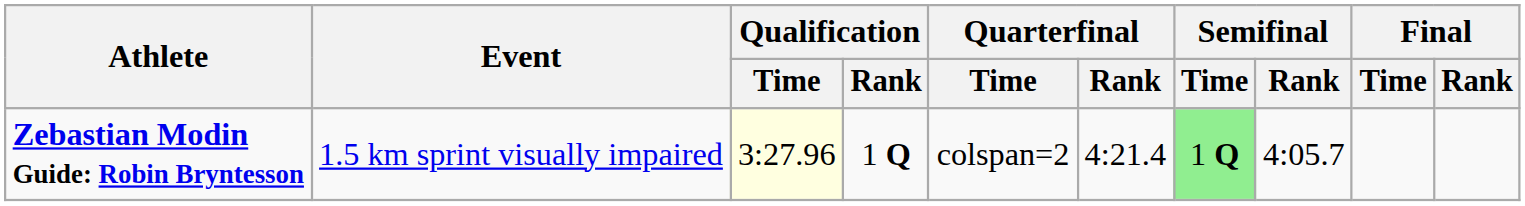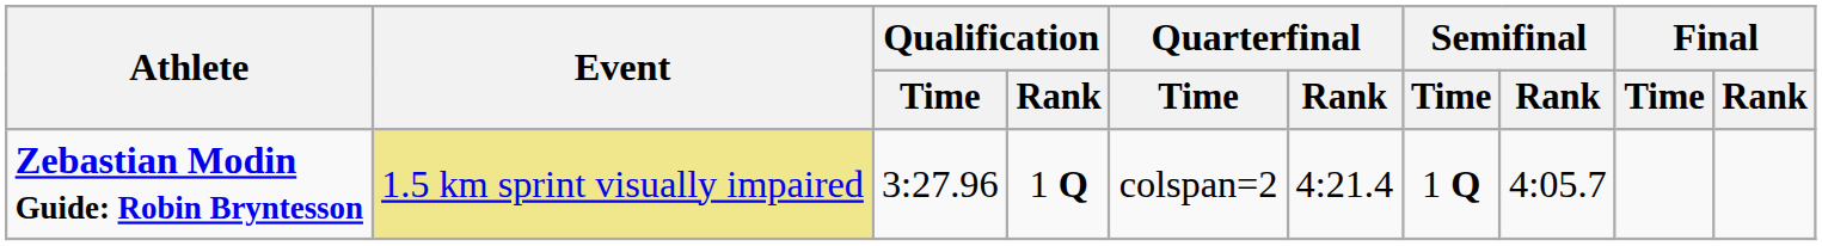 <table class="wikitable" style="font-size:90%">
 <tr>
 <th rowspan="2">Athlete</th>
 <th rowspan="2">Event</th>
 <th colspan="2">Qualification</th>
 <th colspan="2">Quarterfinal</th>
 <th colspan="2">Semifinal</th>
 <th colspan="2">Final</th>
 </tr>
 <tr style="font-size:95%">
 <th>Time</th>
 <th>Rank</th>
 <th>Time</th>
 <th>Rank</th>
 <th>Time</th>
 <th>Rank</th>
 <th>Time</th>
 <th>Rank</th>
 </tr>
 <tr align=center>
 <td align=left><strong><a href='#'>Zebastian Modin</a><br><small>Guide: <a href='#'>Robin Bryntesson</a></small></strong></td>
-<td align=left><a href='#'>1.5 km sprint visually impaired</a></td>
-<td style="background: lightyellow;">3:27.96</td>
+<td align=left style="background: khaki;"><a href='#'>1.5 km sprint visually impaired</a></td>
+<td>3:27.96</td>
 <td>1 <strong>Q</strong></td>
 <td>colspan=2 </td>
 <td>4:21.4</td>
-<td style="background: lightgreen;">1 <strong>Q</strong></td>
+<td>1 <strong>Q</strong></td>
 <td>4:05.7</td>
 <td></td>
 </tr>
 </table>
